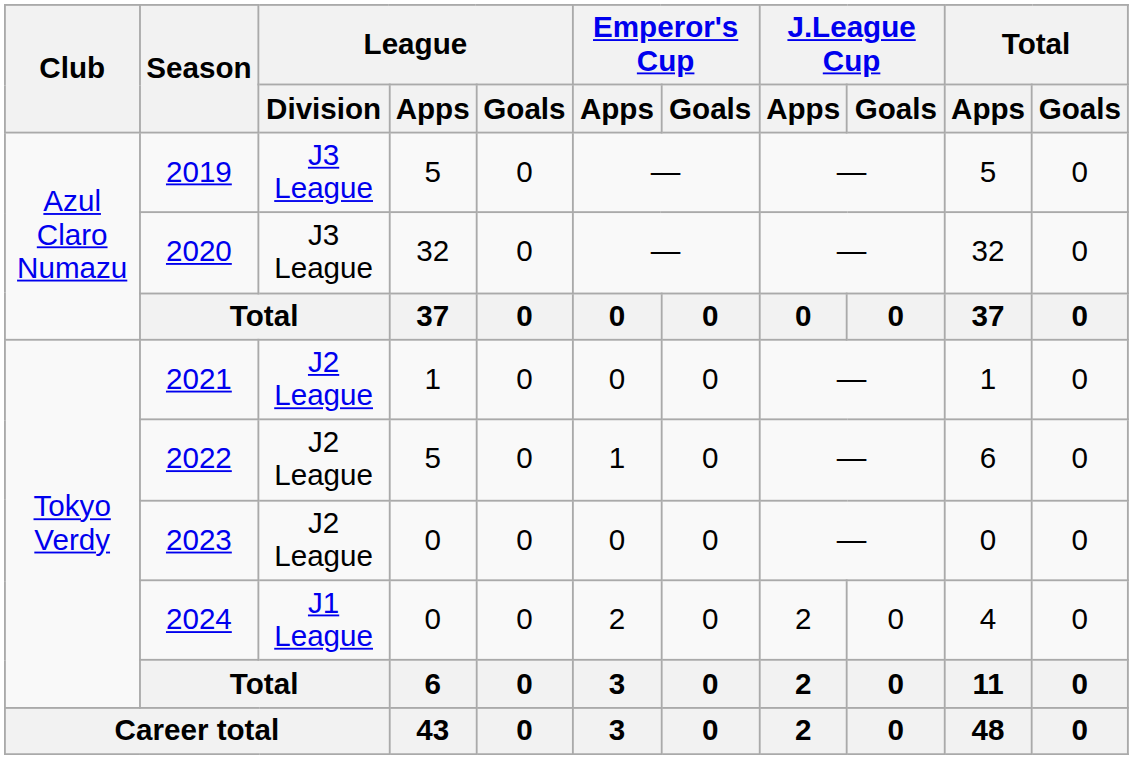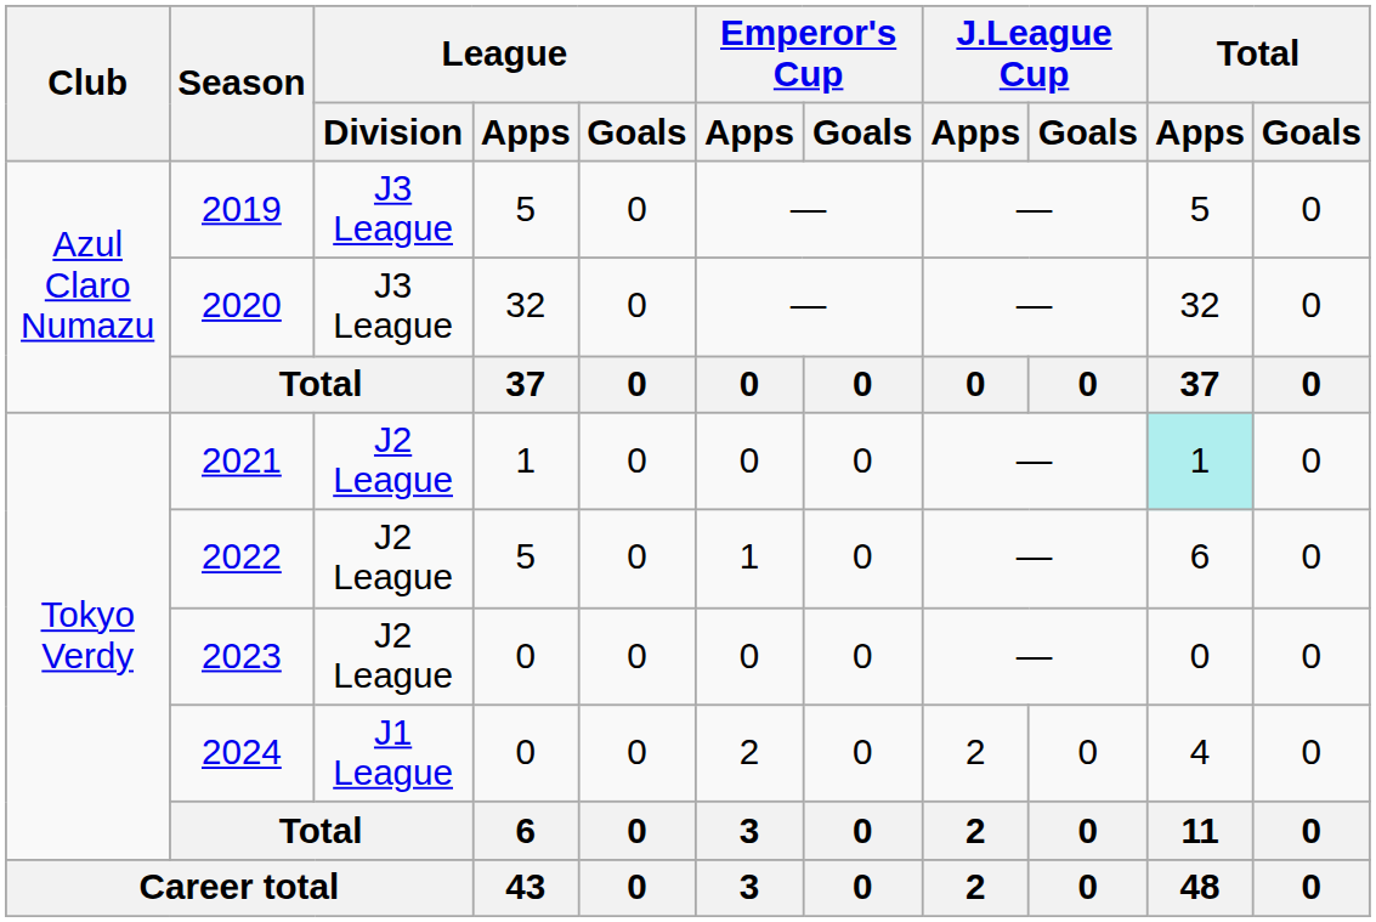 <table class="wikitable" style="text-align: center;">
 <tr>
 <th rowspan="2">Club</th>
 <th rowspan="2">Season</th>
 <th colspan="3">League</th>
 <th colspan="2"><a href='#'>Emperor's Cup</a></th>
 <th colspan="2"><a href='#'>J.League Cup</a></th>
 <th colspan="2">Total</th>
 </tr>
 <tr>
 <th>Division</th>
 <th>Apps</th>
 <th>Goals</th>
 <th>Apps</th>
 <th>Goals</th>
 <th>Apps</th>
 <th>Goals</th>
 <th>Apps</th>
 <th>Goals</th>
 </tr>
 <tr>
 <td rowspan="3"><a href='#'>Azul Claro Numazu</a></td>
 <td><a href='#'>2019</a></td>
 <td><a href='#'>J3 League</a></td>
 <td>5</td>
 <td>0</td>
 <td colspan="2">—</td>
 <td colspan="2">—</td>
 <td>5</td>
 <td>0</td>
 </tr>
 <tr>
 <td><a href='#'>2020</a></td>
 <td>J3 League</td>
 <td>32</td>
 <td>0</td>
 <td colspan="2">—</td>
 <td colspan="2">—</td>
 <td>32</td>
 <td>0</td>
 </tr>
 <tr>
 <th colspan="2">Total</th>
 <th>37</th>
 <th>0</th>
 <th>0</th>
 <th>0</th>
 <th>0</th>
 <th>0</th>
 <th>37</th>
 <th>0</th>
 </tr>
 <tr>
 <td rowspan="5"><a href='#'>Tokyo Verdy</a></td>
 <td><a href='#'>2021</a></td>
 <td><a href='#'>J2 League</a></td>
 <td>1</td>
 <td>0</td>
 <td>0</td>
 <td>0</td>
 <td colspan="2">—</td>
-<td>1</td>
+<td style="background: paleturquoise;">1</td>
 <td>0</td>
 </tr>
 <tr>
 <td><a href='#'>2022</a></td>
 <td>J2 League</td>
 <td>5</td>
 <td>0</td>
 <td>1</td>
 <td>0</td>
 <td colspan="2">—</td>
 <td>6</td>
 <td>0</td>
 </tr>
 <tr>
 <td><a href='#'>2023</a></td>
 <td>J2 League</td>
 <td>0</td>
 <td>0</td>
 <td>0</td>
 <td>0</td>
 <td colspan="2">—</td>
 <td>0</td>
 <td>0</td>
 </tr>
 <tr>
 <td><a href='#'>2024</a></td>
 <td><a href='#'>J1 League</a></td>
 <td>0</td>
 <td>0</td>
 <td>2</td>
 <td>0</td>
 <td>2</td>
 <td>0</td>
 <td>4</td>
 <td>0</td>
 </tr>
 <tr>
 <th colspan="2">Total</th>
 <th>6</th>
 <th>0</th>
 <th>3</th>
 <th>0</th>
 <th>2</th>
 <th>0</th>
 <th>11</th>
 <th>0</th>
 </tr>
 <tr>
 <th colspan="3">Career total</th>
 <th>43</th>
 <th>0</th>
 <th>3</th>
 <th>0</th>
 <th>2</th>
 <th>0</th>
 <th>48</th>
 <th>0</th>
 </tr>
 </table>
